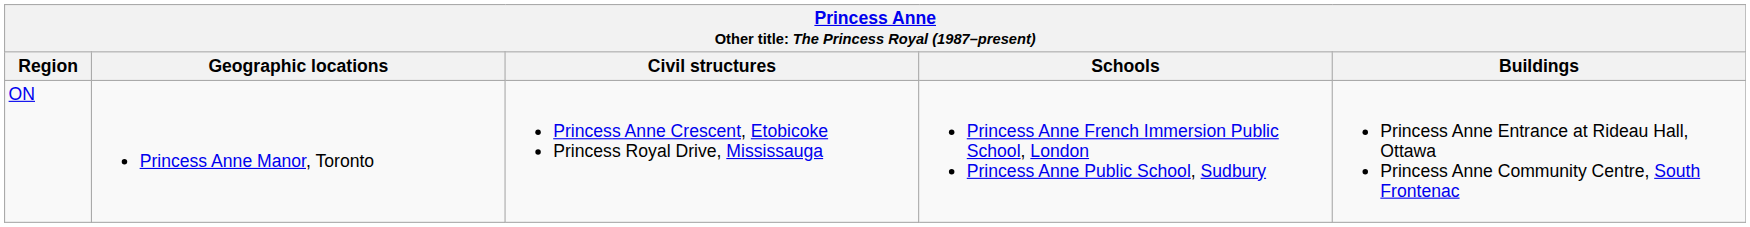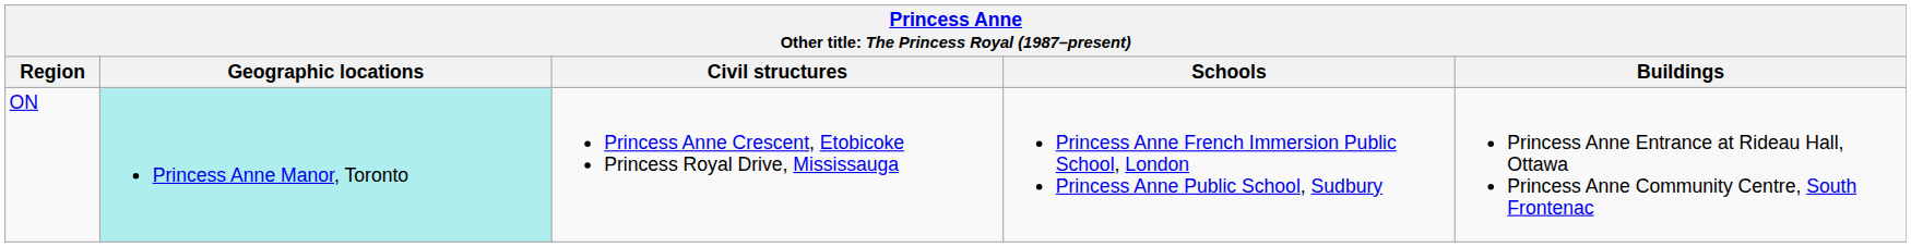 <table class="wikitable" width="100%">
 <tr>
 <th colspan="5"> <a href='#'>Princess Anne</a><br><small>Other title: <em>The Princess Royal (1987–present)</em></small></th>
 </tr>
 <tr>
 <th width="5%">Region</th>
 <th width="23.75%">Geographic locations</th>
 <th width="23.75%">Civil structures</th>
 <th width="23.75%">Schools</th>
 <th width="23.75%">Buildings</th>
 </tr>
 <tr>
 <td align=left valign=top> <a href='#'>ON</a></td>
-<td><br><ul><li><a href='#'>Princess Anne Manor</a>, Toronto</li></ul></td>
+<td style="background: paleturquoise;"><br><ul><li><a href='#'>Princess Anne Manor</a>, Toronto</li></ul></td>
 <td align=left valign=top><br><ul><li><a href='#'>Princess Anne Crescent</a>, <a href='#'>Etobicoke</a></li><li>Princess Royal Drive, <a href='#'>Mississauga</a></li></ul></td>
 <td align=left valign=top><br><ul><li><a href='#'>Princess Anne French Immersion Public School</a>, <a href='#'>London</a></li><li><a href='#'>Princess Anne Public School</a>, <a href='#'>Sudbury</a></li></ul></td>
 <td align=left valign=top><br><ul><li>Princess Anne Entrance at Rideau Hall, Ottawa</li><li>Princess Anne Community Centre, <a href='#'>South Frontenac</a></li></ul></td>
 </tr>
 </table>
